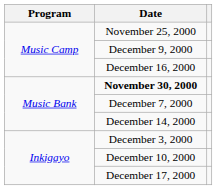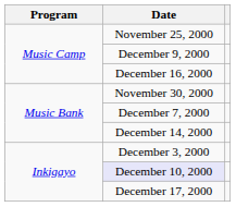 <table class="wikitable" style="text-align:center">
 <tr>
 <th width="120">Program</th>
 <th width="150">Date</th>
 <th class="unsortable"></th>
 </tr>
 <tr>
 <td rowspan="3"><em><a href='#'>Music Camp</a></em></td>
 <td>November 25, 2000</td>
 <td></td>
 </tr>
 <tr>
 <td>December 9, 2000</td>
 <td></td>
 </tr>
 <tr>
 <td>December 16, 2000</td>
 <td></td>
 </tr>
 <tr>
 <td rowspan="3"><em><a href='#'>Music Bank</a></em></td>
-<td><strong>November 30, 2000</strong></td>
+<td>November 30, 2000</td>
 <td></td>
 </tr>
 <tr>
 <td>December 7, 2000</td>
 <td></td>
 </tr>
 <tr>
 <td>December 14, 2000</td>
 <td></td>
 </tr>
 <tr>
 <td rowspan="3"><em><a href='#'>Inkigayo</a></em></td>
 <td>December 3, 2000</td>
 <td></td>
 </tr>
 <tr>
-<td>December 10, 2000</td>
+<td style="background: lavender;">December 10, 2000</td>
 <td></td>
 </tr>
 <tr>
 <td>December 17, 2000</td>
 <td></td>
 </tr>
 </table>
